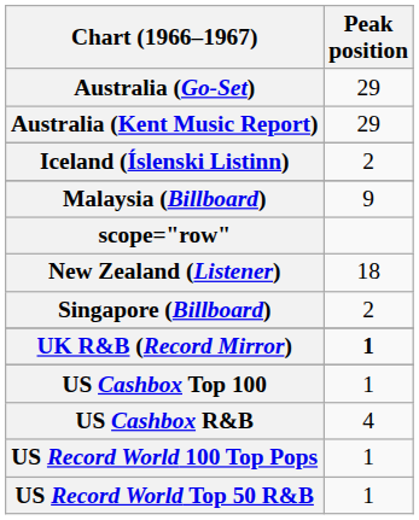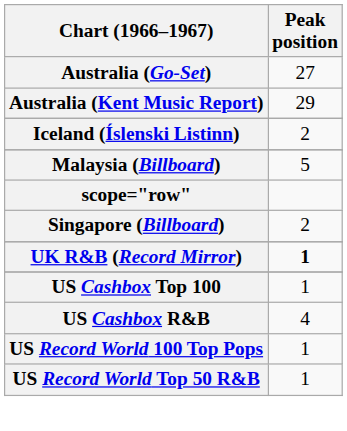 <table class="wikitable sortable plainrowheaders" style="text-align:center">
 <tr>
 <th scope="col">Chart (1966–1967)</th>
 <th scope="col">Peak<br>position</th>
 </tr>
 <tr>
 <th scope="row">Australia (<em><a href='#'>Go-Set</a></em>)</th>
-<td>29</td>
+<td>27</td>
 </tr>
 <tr>
 <th scope="row">Australia (<a href='#'>Kent Music Report</a>)</th>
 <td>29</td>
 </tr>
 <tr>
 </tr>
 <tr>
 </tr>
 <tr>
 <th scope="row">Iceland (<a href='#'>Íslenski Listinn</a>)</th>
 <td>2</td>
 </tr>
 <tr>
 </tr>
 <tr>
 <th scope="row">Malaysia (<em><a href='#'>Billboard</a></em>)</th>
-<td>9</td>
+<td>5</td>
 </tr>
 <tr>
 <th>scope="row" </th>
-</tr>
-<tr>
-<th scope="row">New Zealand (<em><a href='#'>Listener</a></em>)</th>
-<td>18</td>
 </tr>
 <tr>
 <th scope="row">Singapore (<a href='#'><em>Billboard</em></a>)</th>
 <td style="text-align:center;">2</td>
 </tr>
 <tr>
 </tr>
 <tr>
 <th scope="row"><a href='#'>UK R&B</a> (<em><a href='#'>Record Mirror</a></em>)</th>
 <td align="center"><strong>1</strong></td>
 </tr>
 <tr>
 </tr>
 <tr>
 </tr>
 <tr>
 <th scope="row">US <em><a href='#'>Cashbox</a></em> Top 100</th>
 <td>1</td>
 </tr>
 <tr>
 <th scope="row">US <em><a href='#'>Cashbox</a></em> R&B</th>
 <td>4</td>
 </tr>
 <tr>
 <th scope="row">US <a href='#'><em>Record World</em> 100 Top Pops</a></th>
 <td style="text-align:center;">1</td>
 </tr>
 <tr>
 <th scope="row">US <a href='#'><em>Record World</em> Top 50 R&B</a></th>
 <td style="text-align:center;">1</td>
 </tr>
 </table>
